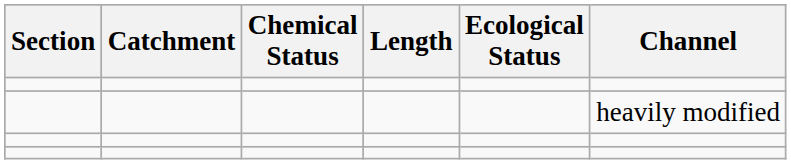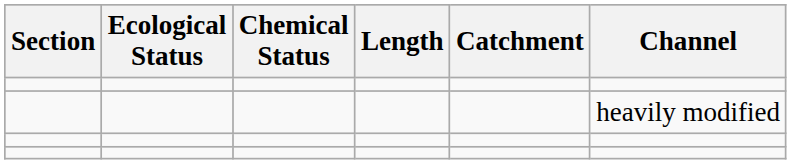 <table class="wikitable">
 <tr>
 <th>Section</th>
-<th>Catchment</th>
+<th>Ecological<br>Status</th>
 <th>Chemical<br>Status</th>
 <th>Length</th>
-<th>Ecological<br>Status</th>
+<th>Catchment</th>
 <th>Channel</th>
 </tr>
 <tr>
 <td></td>
 <td></td>
 <td></td>
 <td></td>
 <td></td>
 <td></td>
 </tr>
 <tr>
 <td></td>
 <td></td>
 <td></td>
 <td></td>
 <td></td>
 <td>heavily modified</td>
 </tr>
 <tr>
 <td></td>
 <td></td>
 <td></td>
 <td></td>
 <td></td>
 <td></td>
 </tr>
 <tr>
 <td></td>
 <td></td>
 <td></td>
 <td></td>
 <td></td>
 <td></td>
 </tr>
 </table>
